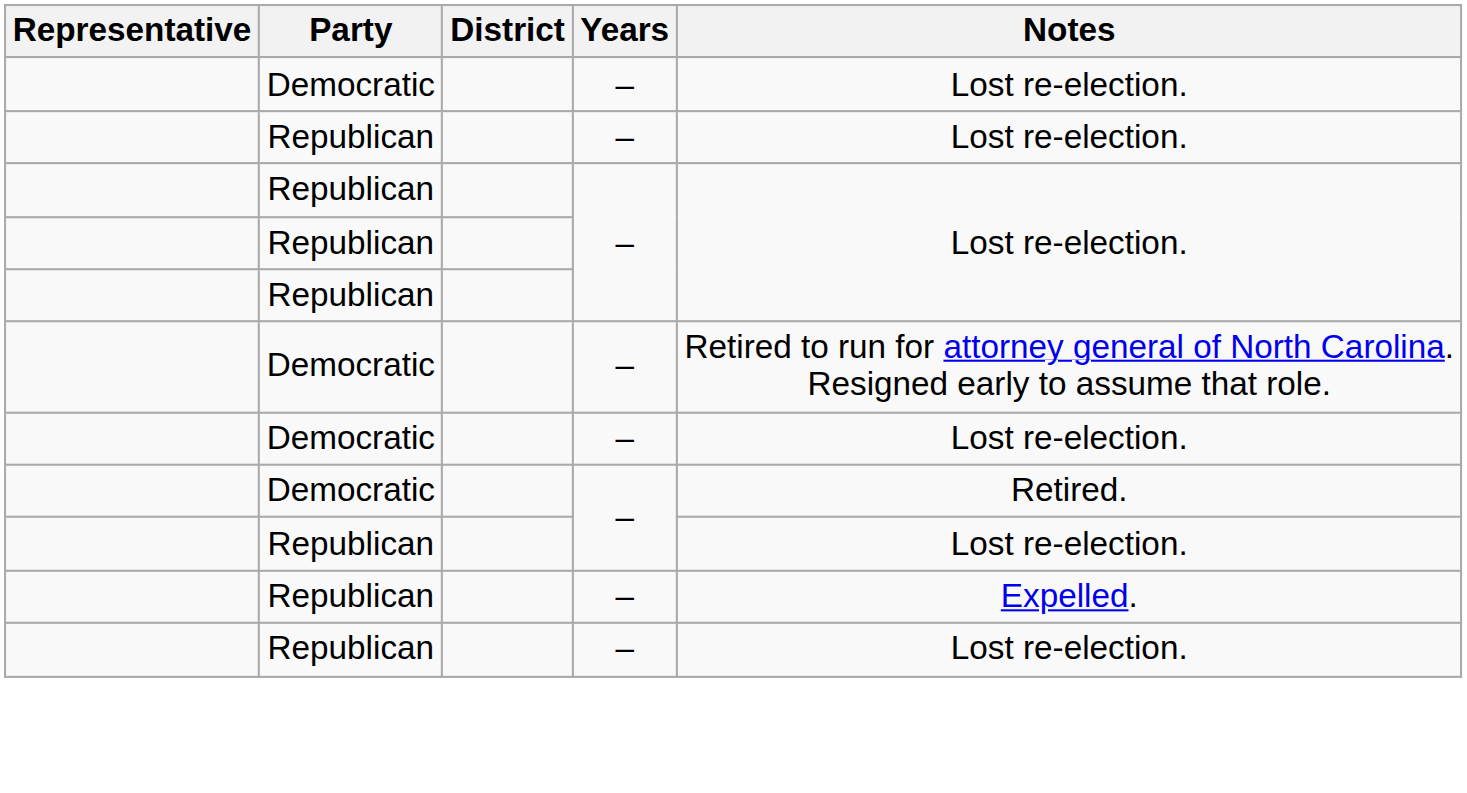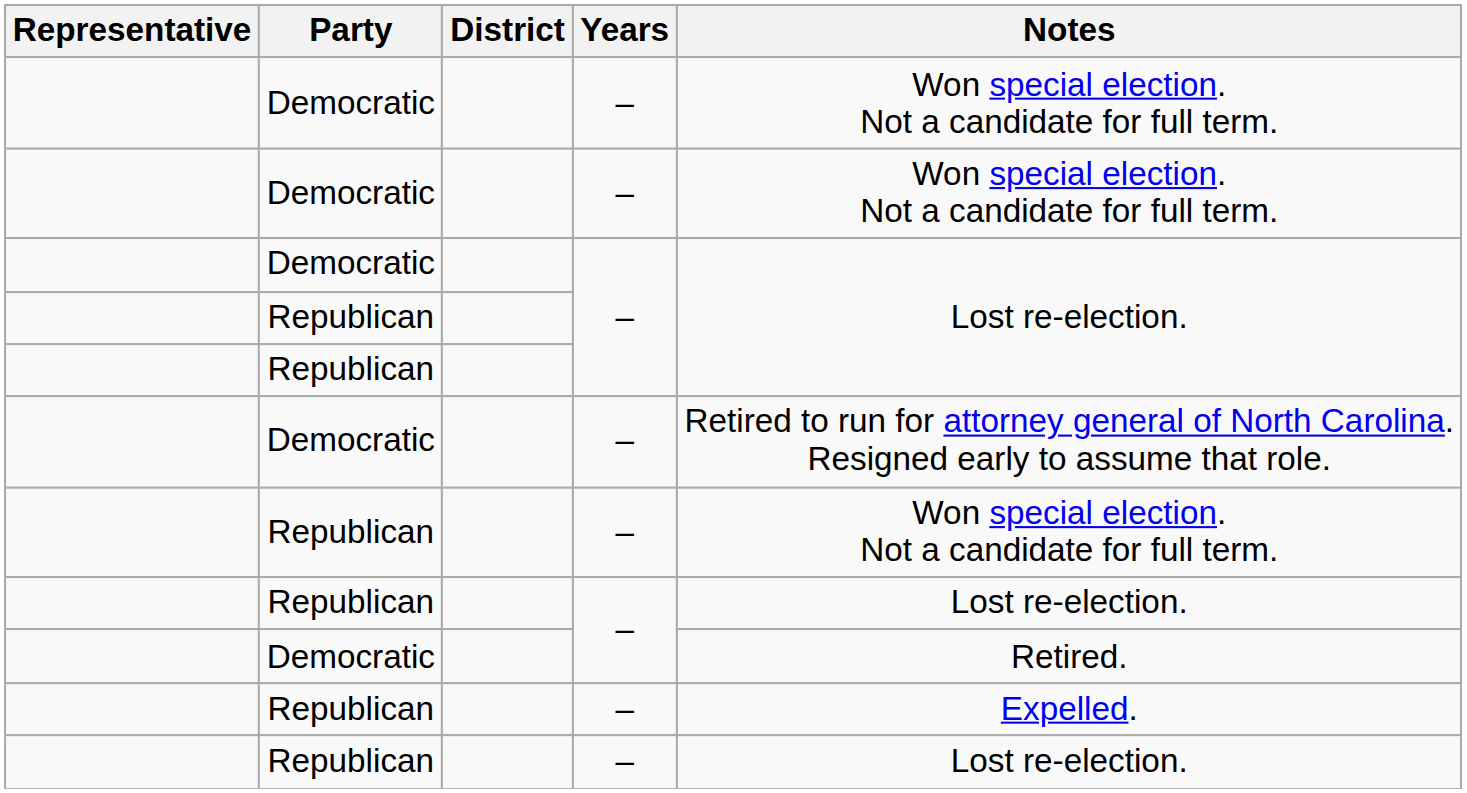 <table class="wikitable sortable" style="text-align:center">
 <tr valign=bottom>
 <th>Representative</th>
 <th>Party</th>
 <th>District</th>
 <th>Years</th>
 <th>Notes</th>
 </tr>
 <tr>
 <td align=left></td>
 <td>Democratic</td>
 <td></td>
 <td nowrap> –<br></td>
-<td>Lost re-election.</td>
+<td>Won <a href='#'>special election</a>.<br>Not a candidate for full term.</td>
 </tr>
 <tr>
 <td align=left></td>
-<td>Republican</td>
+<td>Democratic</td>
 <td></td>
 <td nowrap> –<br></td>
-<td>Lost re-election.</td>
+<td>Won <a href='#'>special election</a>.<br>Not a candidate for full term.</td>
 </tr>
 <tr>
 <td align=left></td>
-<td>Republican</td>
+<td>Democratic</td>
 <td></td>
 <td rowspan="3"  nowrap=""> –<br></td>
 <td rowspan="3">Lost re-election.</td>
 </tr>
 <tr>
 <td align=left></td>
 <td>Republican</td>
 <td></td>
 </tr>
 <tr>
 <td align=left></td>
 <td>Republican</td>
 <td></td>
 </tr>
 <tr>
 <td align=left></td>
 <td>Democratic</td>
 <td></td>
 <td nowrap> –<br></td>
 <td>Retired to run for <a href='#'>attorney general of North Carolina</a>.<br>Resigned early to assume that role.</td>
 </tr>
 <tr>
 <td align=left></td>
-<td>Democratic</td>
+<td>Republican</td>
 <td></td>
 <td nowrap> –<br></td>
+<td>Won <a href='#'>special election</a>.<br>Not a candidate for full term.</td>
+</tr>
+<tr>
+<td align=left></td>
+<td>Republican</td>
+<td></td>
+<td rowspan="2"  nowrap=""> –<br></td>
 <td>Lost re-election.</td>
 </tr>
 <tr>
 <td align=left></td>
 <td>Democratic</td>
 <td></td>
-<td rowspan="2"  nowrap=""> –<br></td>
 <td>Retired.</td>
-</tr>
-<tr>
-<td align=left></td>
-<td>Republican</td>
-<td></td>
-<td>Lost re-election.</td>
 </tr>
 <tr>
 <td align=left></td>
 <td>Republican</td>
 <td></td>
 <td nowrap> –<br></td>
 <td><a href='#'>Expelled</a>.</td>
 </tr>
 <tr>
 <td align=left></td>
 <td>Republican</td>
 <td></td>
 <td nowrap> –<br></td>
 <td>Lost re-election.</td>
 </tr>
 </table>
